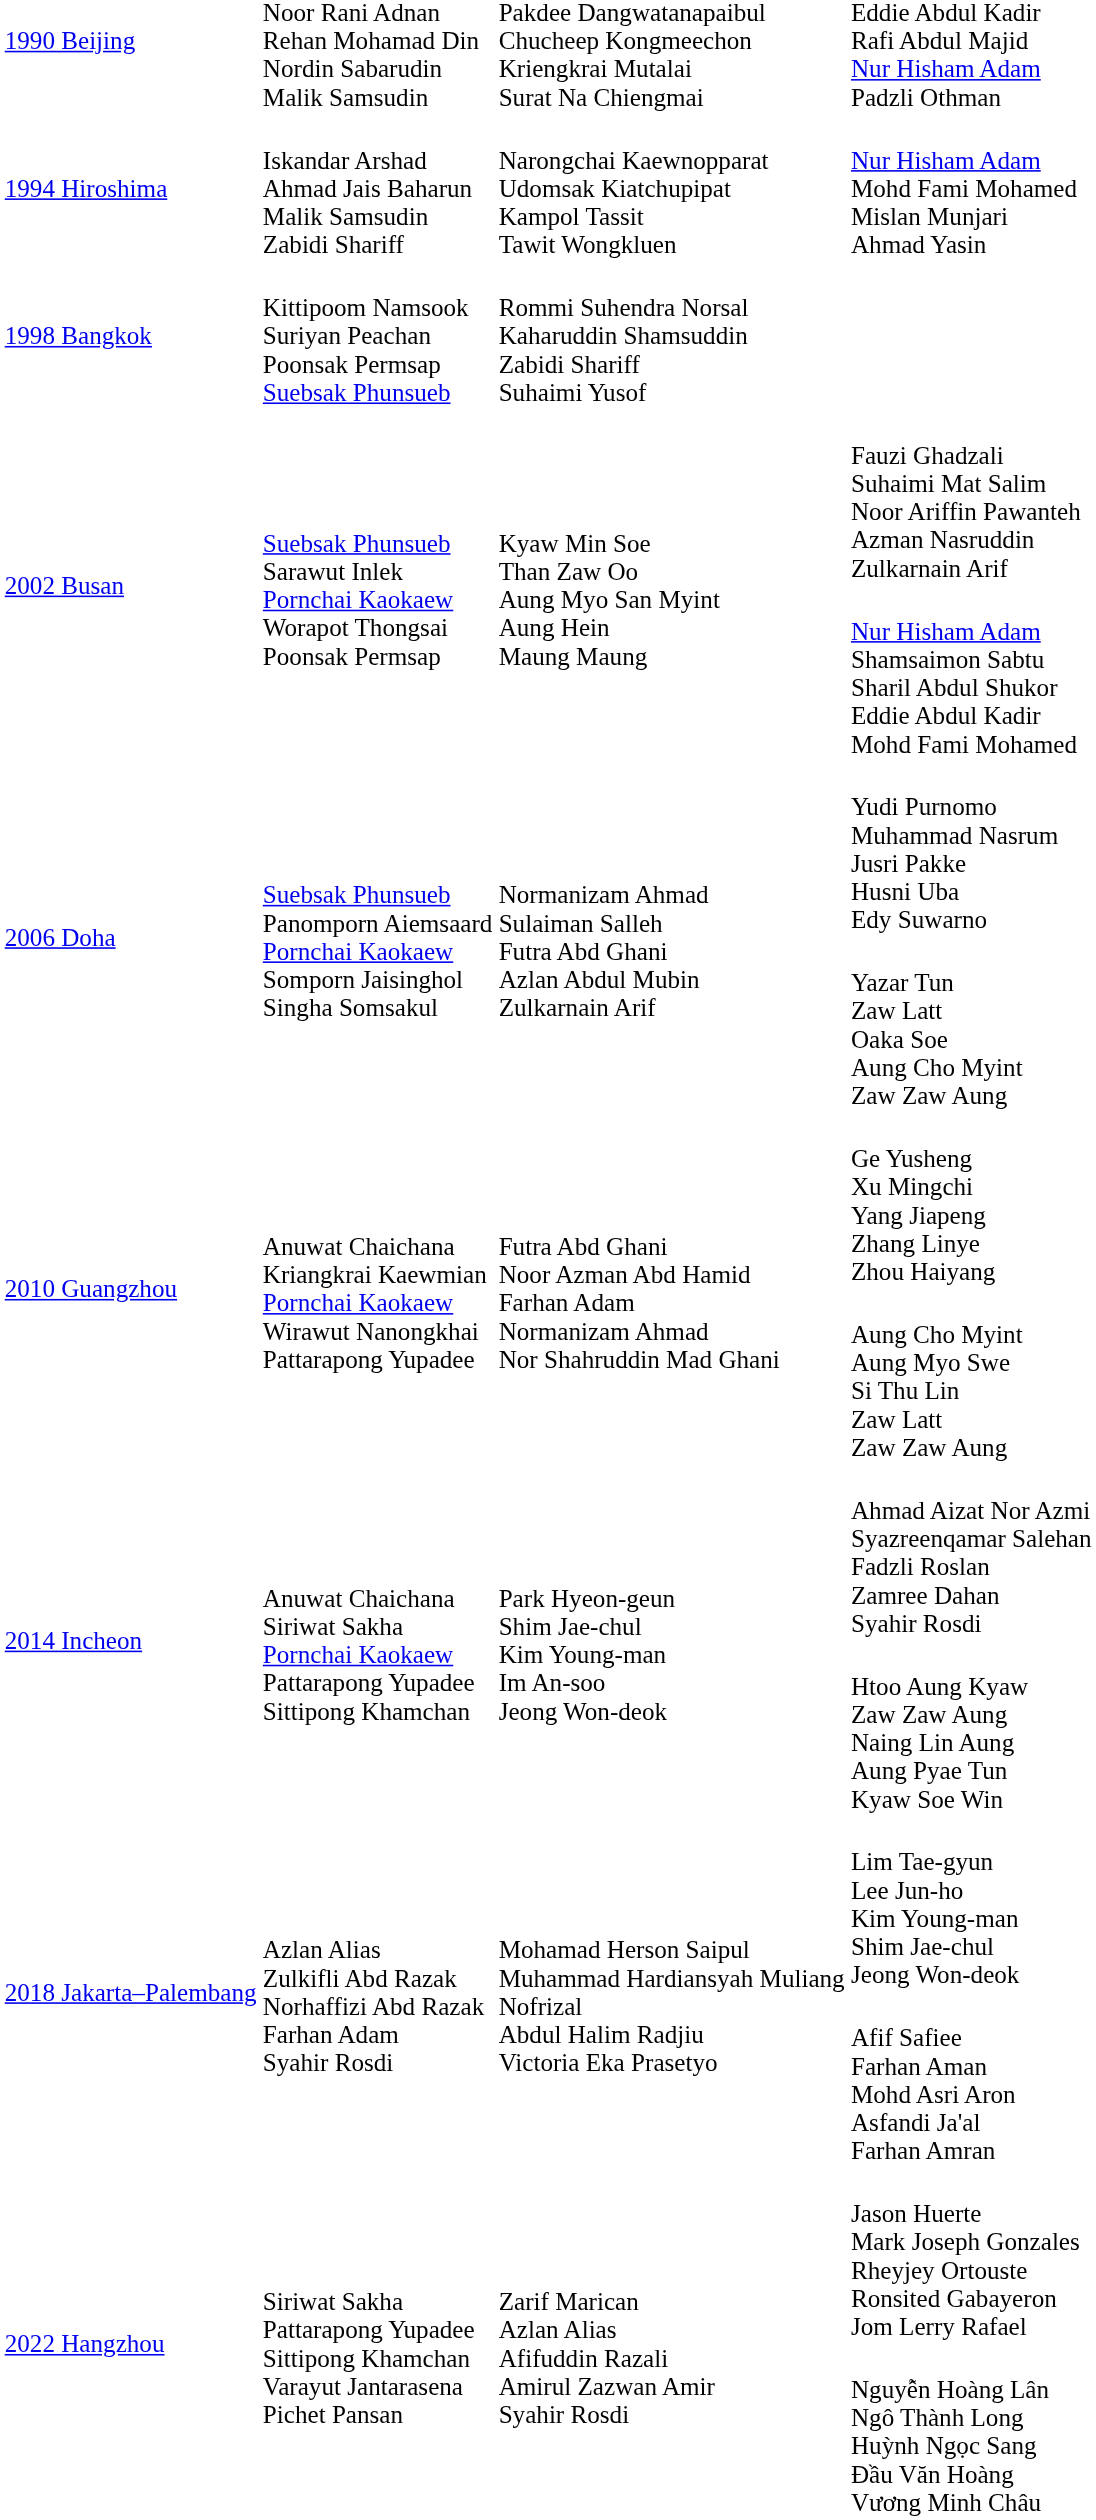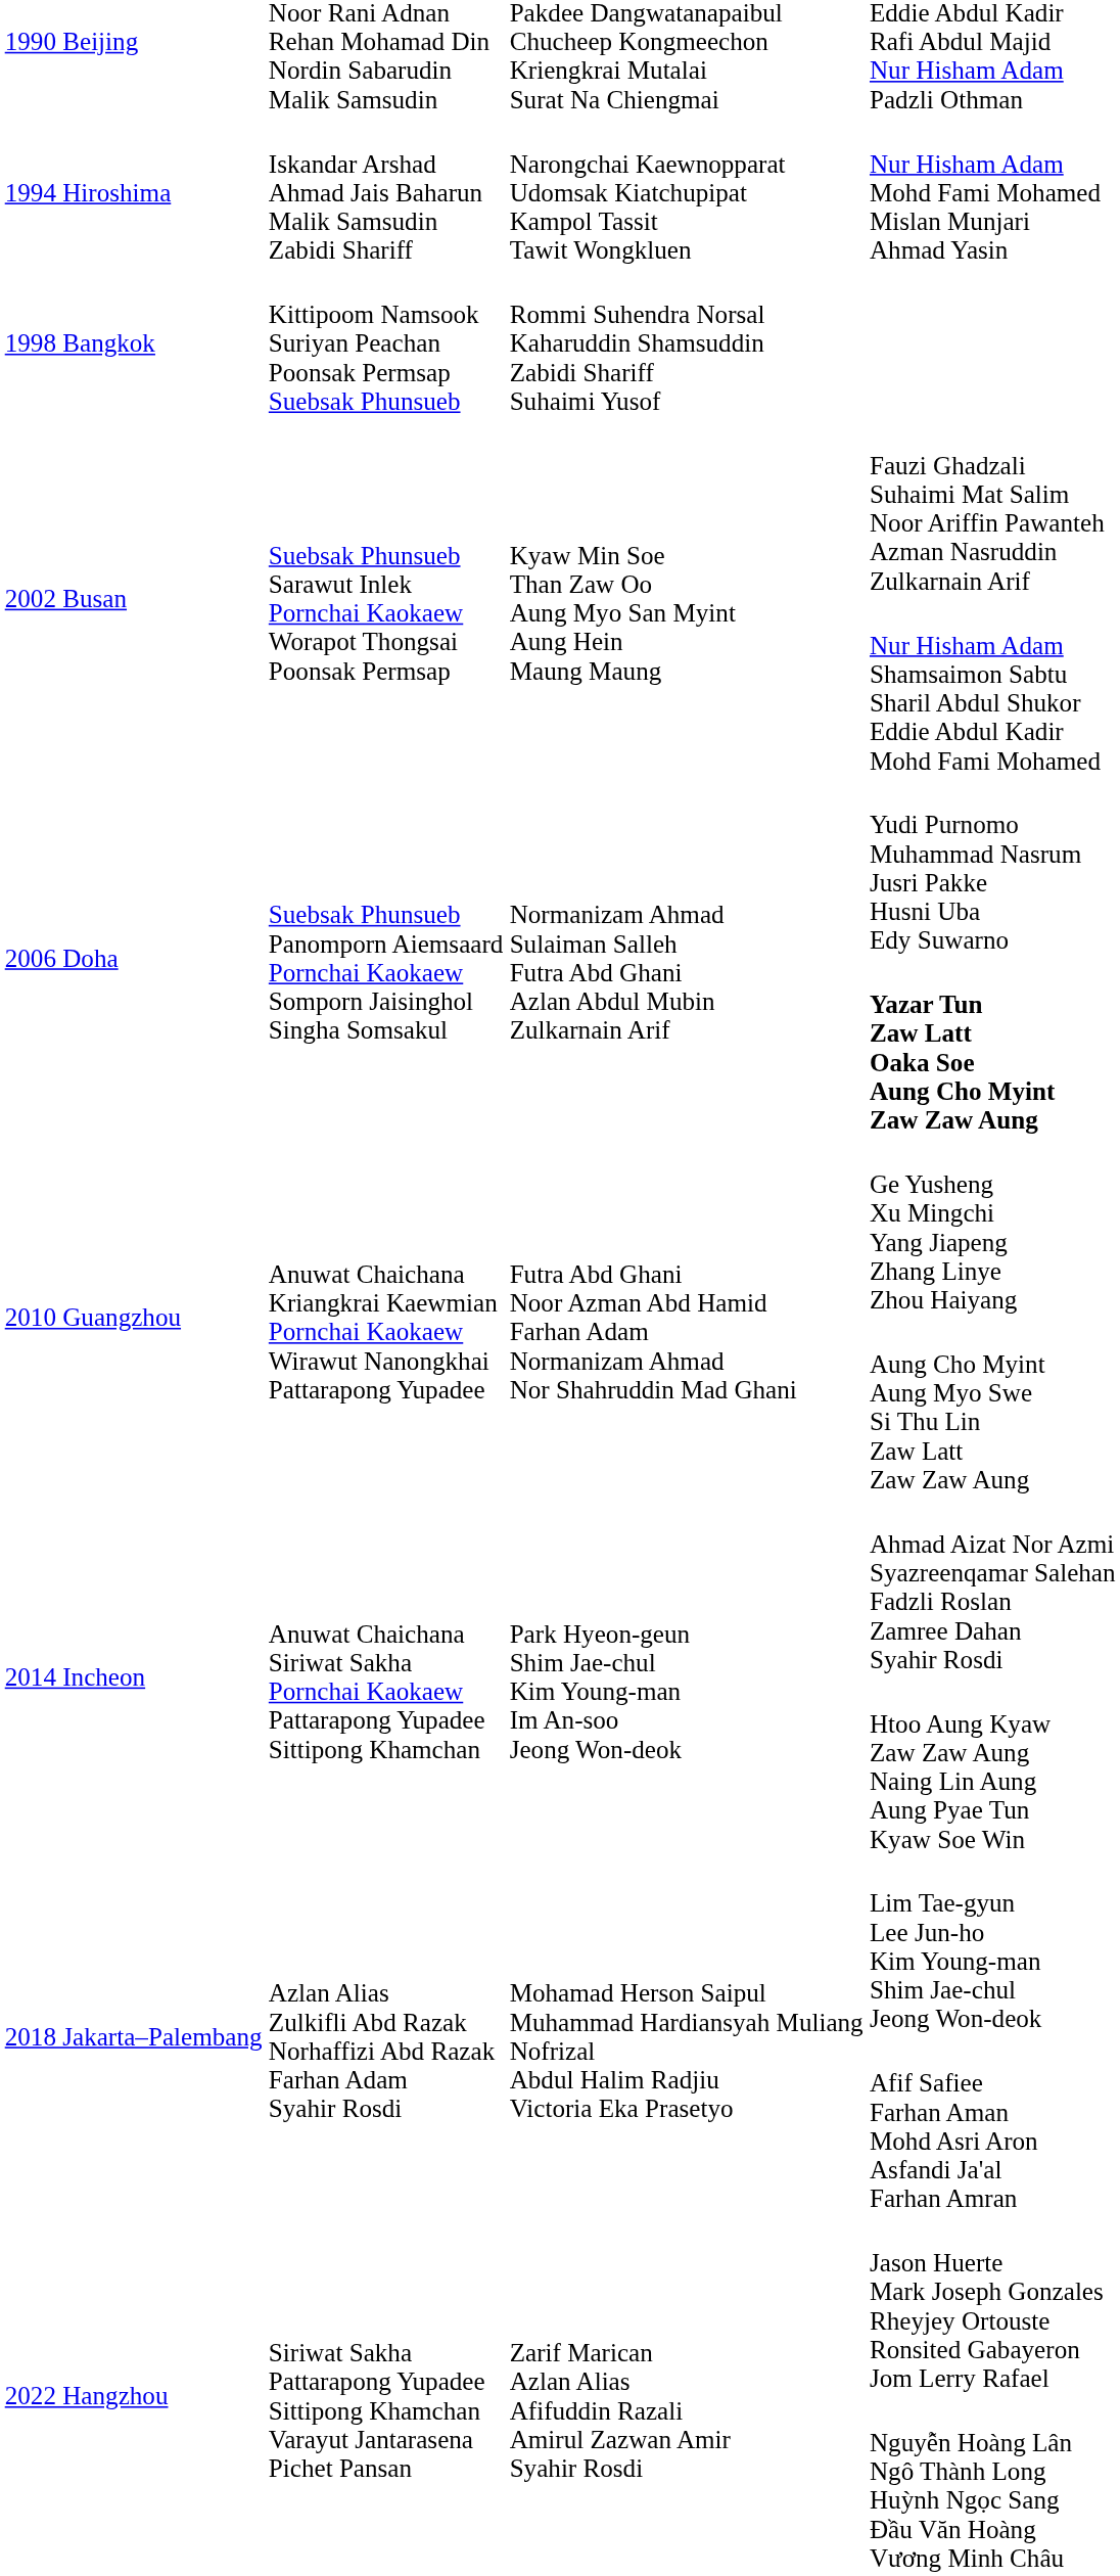 <table>
 <tr>
 <td><a href='#'>1990 Beijing</a></td>
 <td><br>Noor Rani Adnan<br>Rehan Mohamad Din<br>Nordin Sabarudin<br>Malik Samsudin</td>
 <td><br>Pakdee Dangwatanapaibul<br>Chucheep Kongmeechon<br>Kriengkrai Mutalai<br>Surat Na Chiengmai</td>
 <td><br>Eddie Abdul Kadir<br>Rafi Abdul Majid<br><a href='#'>Nur Hisham Adam</a><br>Padzli Othman</td>
 </tr>
 <tr>
 <td><a href='#'>1994 Hiroshima</a></td>
 <td><br>Iskandar Arshad<br>Ahmad Jais Baharun<br>Malik Samsudin<br>Zabidi Shariff</td>
 <td><br>Narongchai Kaewnopparat<br>Udomsak Kiatchupipat<br>Kampol Tassit<br>Tawit Wongkluen</td>
 <td><br><a href='#'>Nur Hisham Adam</a><br>Mohd Fami Mohamed<br>Mislan Munjari<br>Ahmad Yasin</td>
 </tr>
 <tr>
 <td rowspan=2><a href='#'>1998 Bangkok</a></td>
 <td rowspan=2><br>Kittipoom Namsook<br>Suriyan Peachan<br>Poonsak Permsap<br><a href='#'>Suebsak Phunsueb</a></td>
 <td rowspan=2><br>Rommi Suhendra Norsal<br>Kaharuddin Shamsuddin<br>Zabidi Shariff<br>Suhaimi Yusof</td>
 <td></td>
 </tr>
 <tr>
 <td></td>
 </tr>
 <tr>
 <td rowspan=2><a href='#'>2002 Busan</a></td>
 <td rowspan=2><br><a href='#'>Suebsak Phunsueb</a><br>Sarawut Inlek<br><a href='#'>Pornchai Kaokaew</a><br>Worapot Thongsai<br>Poonsak Permsap</td>
 <td rowspan=2><br>Kyaw Min Soe<br>Than Zaw Oo<br>Aung Myo San Myint<br>Aung Hein<br>Maung Maung</td>
 <td><br>Fauzi Ghadzali<br>Suhaimi Mat Salim<br>Noor Ariffin Pawanteh<br>Azman Nasruddin<br>Zulkarnain Arif</td>
 </tr>
 <tr>
 <td><br><a href='#'>Nur Hisham Adam</a><br>Shamsaimon Sabtu<br>Sharil Abdul Shukor<br>Eddie Abdul Kadir<br>Mohd Fami Mohamed</td>
 </tr>
 <tr>
 <td rowspan=2><a href='#'>2006 Doha</a></td>
 <td rowspan=2><br><a href='#'>Suebsak Phunsueb</a><br>Panomporn Aiemsaard<br><a href='#'>Pornchai Kaokaew</a><br>Somporn Jaisinghol<br>Singha Somsakul</td>
 <td rowspan=2><br>Normanizam Ahmad<br>Sulaiman Salleh<br>Futra Abd Ghani<br>Azlan Abdul Mubin<br>Zulkarnain Arif</td>
 <td><br>Yudi Purnomo<br>Muhammad Nasrum<br>Jusri Pakke<br>Husni Uba<br>Edy Suwarno</td>
 </tr>
 <tr>
-<td><br>Yazar Tun<br>Zaw Latt<br>Oaka Soe<br>Aung Cho Myint<br>Zaw Zaw Aung</td>
+<td><strong><br>Yazar Tun<br>Zaw Latt<br>Oaka Soe<br>Aung Cho Myint<br>Zaw Zaw Aung</strong></td>
 </tr>
 <tr>
 <td rowspan=2><a href='#'>2010 Guangzhou</a></td>
 <td rowspan=2><br>Anuwat Chaichana<br>Kriangkrai Kaewmian<br><a href='#'>Pornchai Kaokaew</a><br>Wirawut Nanongkhai<br>Pattarapong Yupadee</td>
 <td rowspan=2><br>Futra Abd Ghani<br>Noor Azman Abd Hamid<br>Farhan Adam<br>Normanizam Ahmad<br>Nor Shahruddin Mad Ghani</td>
 <td><br>Ge Yusheng<br>Xu Mingchi<br>Yang Jiapeng<br>Zhang Linye<br>Zhou Haiyang</td>
 </tr>
 <tr>
 <td><br>Aung Cho Myint<br>Aung Myo Swe<br>Si Thu Lin<br>Zaw Latt<br>Zaw Zaw Aung</td>
 </tr>
 <tr>
 <td rowspan=2><a href='#'>2014 Incheon</a></td>
 <td rowspan=2><br>Anuwat Chaichana<br>Siriwat Sakha<br><a href='#'>Pornchai Kaokaew</a><br>Pattarapong Yupadee<br>Sittipong Khamchan</td>
 <td rowspan=2><br>Park Hyeon-geun<br>Shim Jae-chul<br>Kim Young-man<br>Im An-soo<br>Jeong Won-deok</td>
 <td><br>Ahmad Aizat Nor Azmi<br>Syazreenqamar Salehan<br>Fadzli Roslan<br>Zamree Dahan<br>Syahir Rosdi</td>
 </tr>
 <tr>
 <td><br>Htoo Aung Kyaw<br>Zaw Zaw Aung<br>Naing Lin Aung<br>Aung Pyae Tun<br>Kyaw Soe Win</td>
 </tr>
 <tr>
 <td rowspan=2><a href='#'>2018 Jakarta–Palembang</a></td>
 <td rowspan=2><br>Azlan Alias<br>Zulkifli Abd Razak<br>Norhaffizi Abd Razak<br>Farhan Adam<br>Syahir Rosdi</td>
 <td rowspan=2><br>Mohamad Herson Saipul<br>Muhammad Hardiansyah Muliang<br>Nofrizal<br>Abdul Halim Radjiu<br>Victoria Eka Prasetyo</td>
 <td><br>Lim Tae-gyun<br>Lee Jun-ho<br>Kim Young-man<br>Shim Jae-chul<br>Jeong Won-deok</td>
 </tr>
 <tr>
 <td><br>Afif Safiee<br>Farhan Aman<br>Mohd Asri Aron<br>Asfandi Ja'al<br>Farhan Amran</td>
 </tr>
 <tr>
 <td rowspan=2><a href='#'>2022 Hangzhou</a></td>
 <td rowspan=2><br>Siriwat Sakha<br>Pattarapong Yupadee<br>Sittipong Khamchan<br>Varayut Jantarasena<br>Pichet Pansan</td>
 <td rowspan=2><br>Zarif Marican<br>Azlan Alias<br>Afifuddin Razali<br>Amirul Zazwan Amir<br>Syahir Rosdi</td>
 <td><br>Jason Huerte<br>Mark Joseph Gonzales<br>Rheyjey Ortouste<br>Ronsited Gabayeron<br>Jom Lerry Rafael</td>
 </tr>
 <tr>
 <td><br>Nguyễn Hoàng Lân<br>Ngô Thành Long<br>Huỳnh Ngọc Sang<br>Đầu Văn Hoàng<br>Vương Minh Châu</td>
 </tr>
 </table>
